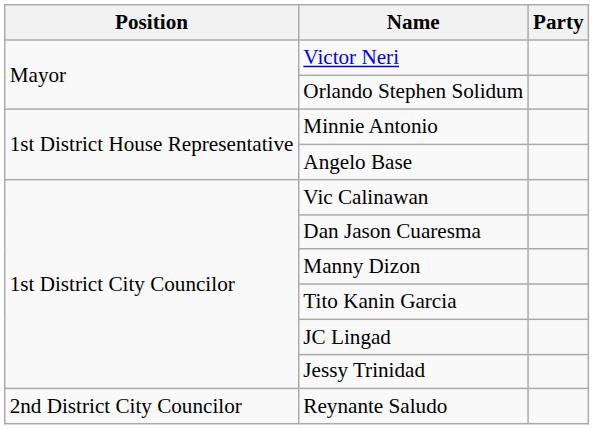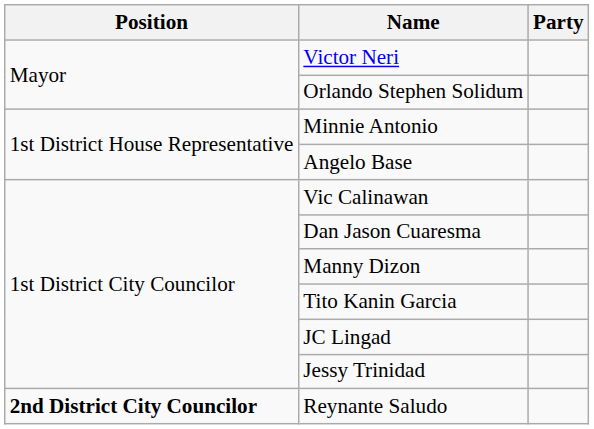 <table class="wikitable" style="font-size:90%">
 <tr>
 <th>Position</th>
 <th>Name</th>
 <th colspan="2">Party</th>
 </tr>
 <tr>
 <td rowspan="2">Mayor</td>
 <td><a href='#'>Victor Neri</a></td>
 <td></td>
 </tr>
 <tr>
 <td>Orlando Stephen Solidum</td>
 <td></td>
 </tr>
 <tr>
 <td rowspan="2">1st District House Representative</td>
 <td>Minnie Antonio</td>
 <td></td>
 </tr>
 <tr>
 <td>Angelo Base</td>
 <td></td>
 </tr>
 <tr>
 <td rowspan="6">1st District City Councilor</td>
 <td>Vic Calinawan</td>
 <td></td>
 </tr>
 <tr>
 <td>Dan Jason Cuaresma</td>
 <td></td>
 </tr>
 <tr>
 <td>Manny Dizon</td>
 <td></td>
 </tr>
 <tr>
 <td>Tito Kanin Garcia</td>
 <td></td>
 </tr>
 <tr>
 <td>JC Lingad</td>
 <td></td>
 </tr>
 <tr>
 <td>Jessy Trinidad</td>
 <td></td>
 </tr>
 <tr>
-<td>2nd District City Councilor</td>
+<td><strong>2nd District City Councilor</strong></td>
 <td>Reynante Saludo</td>
 <td></td>
 </tr>
 </table>
